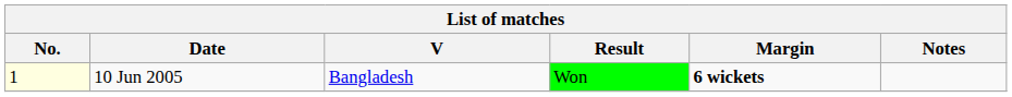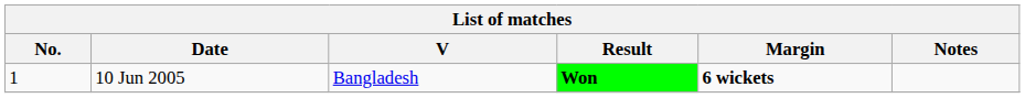 <table class="wikitable" width="70%">
 <tr>
 <th colspan=6>List of matches</th>
 </tr>
 <tr>
 <th>No.</th>
 <th>Date</th>
 <th>V</th>
 <th>Result</th>
 <th>Margin</th>
 <th>Notes</th>
 </tr>
 <tr>
-<td style="background: lightyellow;">1</td>
+<td>1</td>
 <td>10 Jun 2005</td>
 <td><a href='#'>Bangladesh</a> <br> </td>
-<td bgcolor="#00FF00">Won</td>
+<td bgcolor="#00FF00"><strong>Won</strong></td>
 <td><strong>6 wickets</strong></td>
 <td></td>
 </tr>
 <tr>
 </tr>
 </table>
